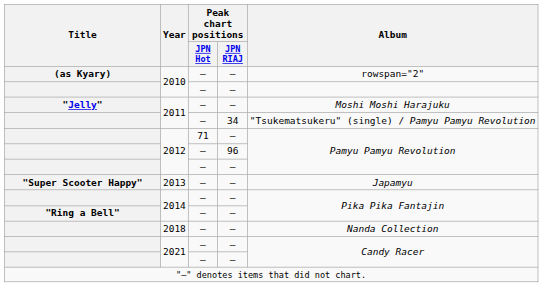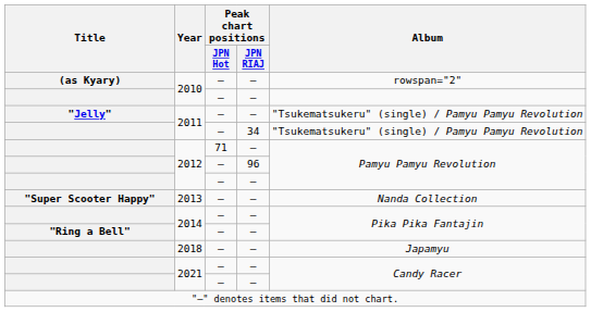 <table class="wikitable plainrowheaders" style="text-align:center;">
 <tr>
 <th scope="col" rowspan="2" style="width:16em;">Title</th>
 <th scope="col" rowspan="2">Year</th>
 <th scope="col" colspan="2">Peak chart positions</th>
 <th scope="col" rowspan="2">Album</th>
 </tr>
 <tr>
 <th scope="col" style="width:3em;font-size:90%;"><a href='#'>JPN Hot</a><br></th>
 <th scope="col" style="width:3em;font-size:90%;"><a href='#'>JPN RIAJ</a><br></th>
 </tr>
 <tr>
 <th scope="row"> <span>(as Kyary)</span></th>
 <td rowspan="2">2010</td>
 <td>—</td>
 <td>—</td>
 <td>rowspan="2" </td>
 </tr>
 <tr>
 <th scope="row"></th>
 <td>—</td>
 <td>—</td>
 </tr>
 <tr>
 <th scope="row">"<a href='#'>Jelly</a>"</th>
 <td rowspan="2">2011</td>
 <td>—</td>
 <td>—</td>
-<td><em>Moshi Moshi Harajuku</em></td>
+<td>"Tsukematsukeru" <span>(single)</span> / <em>Pamyu Pamyu Revolution</em></td>
 </tr>
 <tr>
 <th scope="row"></th>
 <td>—</td>
 <td>34</td>
 <td>"Tsukematsukeru" <span>(single)</span> / <em>Pamyu Pamyu Revolution</em></td>
 </tr>
 <tr>
 <th scope="row"></th>
 <td rowspan="3">2012</td>
 <td>71</td>
 <td>—</td>
 <td rowspan="3"><em>Pamyu Pamyu Revolution</em></td>
 </tr>
 <tr>
 <th scope="row"></th>
 <td>—</td>
 <td>96</td>
 </tr>
 <tr>
 <th scope="row"></th>
 <td>—</td>
 <td>—</td>
 </tr>
 <tr>
 <th scope="row">"Super Scooter Happy"</th>
 <td>2013</td>
 <td>—</td>
 <td>—</td>
-<td><em>Japamyu</em></td>
+<td><em>Nanda Collection</em></td>
 </tr>
 <tr>
 <th scope="row"></th>
 <td rowspan="2">2014</td>
 <td>—</td>
 <td>—</td>
 <td rowspan="2"><em>Pika Pika Fantajin</em></td>
 </tr>
 <tr>
 <th scope="row">"Ring a Bell"</th>
 <td>—</td>
 <td>—</td>
 </tr>
 <tr>
 <th scope="row"></th>
 <td>2018</td>
 <td>—</td>
 <td>—</td>
-<td><em>Nanda Collection</em></td>
+<td><em>Japamyu</em></td>
 </tr>
 <tr>
 <th scope="row"></th>
 <td rowspan="2">2021</td>
 <td>—</td>
 <td>—</td>
 <td rowspan="2"><em>Candy Racer</em></td>
 </tr>
 <tr>
 <th scope="row"></th>
 <td>—</td>
 <td>—</td>
 </tr>
 <tr>
 <td colspan="12" align="center" style="font-size:90%;">"—" denotes items that did not chart.</td>
 </tr>
 </table>
